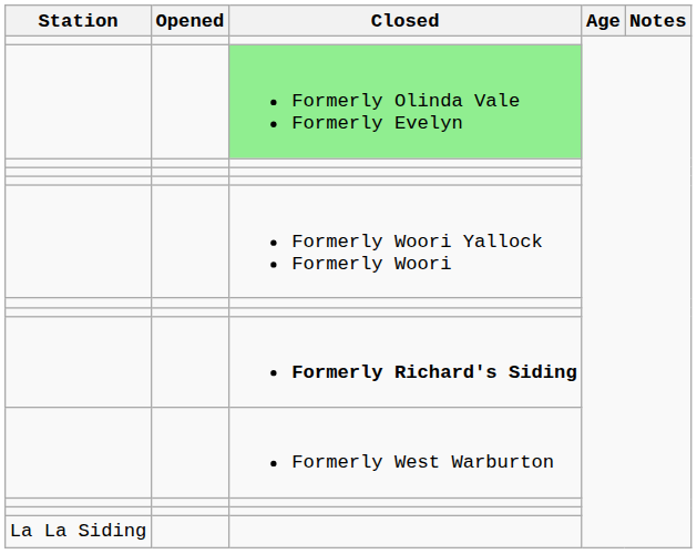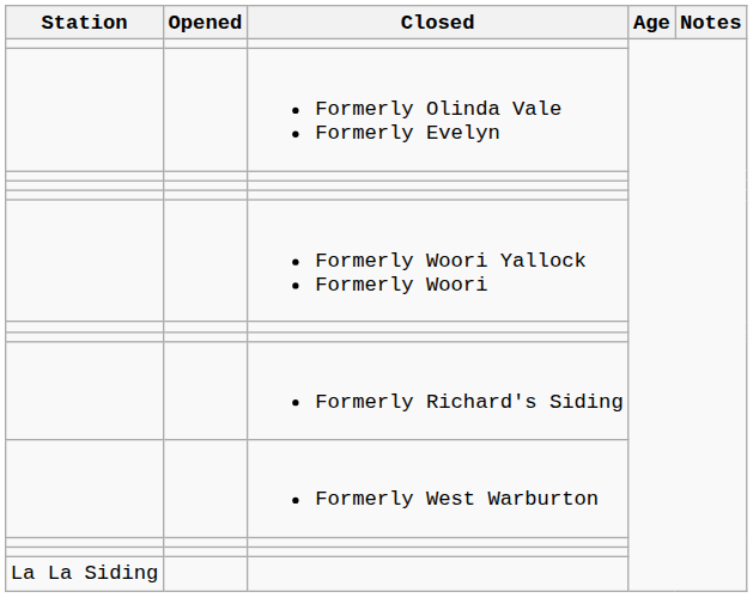 <table class="wikitable sortable">
 <tr>
 <th>Station</th>
 <th>Opened</th>
 <th>Closed</th>
 <th>Age</th>
 <th scope=col class=unsortable>Notes</th>
 </tr>
 <tr>
 <td></td>
 <td></td>
 <td></td>
 </tr>
 <tr>
 <td></td>
 <td></td>
-<td style="background: lightgreen;"><br><ul><li>Formerly Olinda Vale</li><li>Formerly Evelyn</li></ul></td>
+<td><br><ul><li>Formerly Olinda Vale</li><li>Formerly Evelyn</li></ul></td>
 </tr>
 <tr>
 <td></td>
 <td></td>
 <td></td>
 </tr>
 <tr>
 <td></td>
 <td></td>
 <td></td>
 </tr>
 <tr>
 <td></td>
 <td></td>
 <td></td>
 </tr>
 <tr>
 <td></td>
 <td></td>
 <td><br><ul><li>Formerly Woori Yallock</li><li>Formerly Woori</li></ul></td>
 </tr>
 <tr>
 <td></td>
 <td></td>
 <td></td>
 </tr>
 <tr>
 <td></td>
 <td></td>
 <td></td>
 </tr>
 <tr>
 <td></td>
 <td></td>
-<td><strong><br><ul><li>Formerly Richard's Siding</li></ul></strong></td>
+<td><br><ul><li>Formerly Richard's Siding</li></ul></td>
 </tr>
 <tr>
 <td></td>
 <td></td>
 <td><br><ul><li>Formerly West Warburton</li></ul></td>
 </tr>
 <tr>
 <td></td>
 <td></td>
 <td></td>
 </tr>
 <tr>
 <td></td>
 <td></td>
 <td></td>
 </tr>
 <tr>
 <td>La La Siding</td>
 <td></td>
 <td></td>
 </tr>
 </table>
